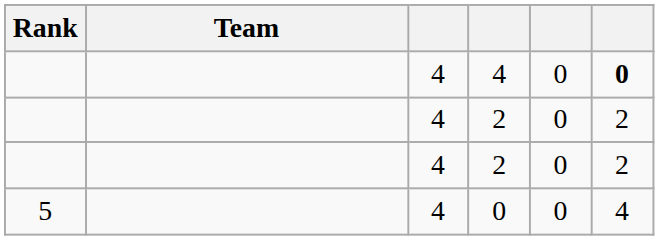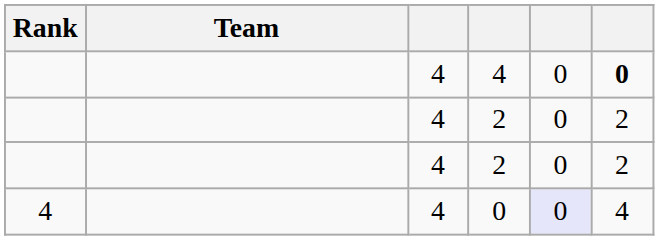 <table class="wikitable" style="text-align:center; font-size:90%;">
 <tr>
 <th width=35>Rank</th>
 <th width=160>Team</th>
 <th width=25></th>
 <th width=25></th>
 <th width=25></th>
 <th width=25></th>
 </tr>
 <tr>
 <td></td>
 <td align="left"></td>
 <td>4</td>
 <td>4</td>
 <td>0</td>
 <td><strong>0</strong></td>
 </tr>
 <tr>
 <td></td>
 <td align="left"></td>
 <td>4</td>
 <td>2</td>
 <td>0</td>
 <td>2</td>
 </tr>
 <tr>
 <td></td>
 <td align="left"></td>
 <td>4</td>
 <td>2</td>
 <td>0</td>
 <td>2</td>
 </tr>
 <tr>
-<td>5</td>
+<td>4</td>
 <td align="left"></td>
 <td>4</td>
 <td>0</td>
-<td>0</td>
+<td style="background: lavender;">0</td>
 <td>4</td>
 </tr>
 </table>
